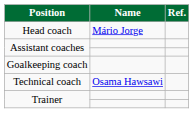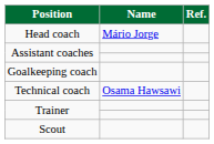 <table class="wikitable plainrowheaders" style="text-align:center; font-size: 95%; border: 1px; text-align: middle; width=20%">
 <tr>
 <th style="background:#006C35; color:white; ">Position</th>
 <th style="background:#006C35; color:white; ">Name</th>
 <th style="background:#006C35; color:white; ">Ref.</th>
 </tr>
 <tr>
 <td>Head coach</td>
 <td align=left> <a href='#'>Mário Jorge</a></td>
 <td></td>
 </tr>
 <tr>
 <td rowspan=2>Assistant coaches</td>
 <td align=left></td>
 <td></td>
 </tr>
 <tr>
 <td align=left></td>
 <td></td>
 </tr>
 <tr>
 <td>Goalkeeping coach</td>
 <td align=left></td>
 <td></td>
 </tr>
 <tr>
 <td>Technical coach</td>
 <td align=left> <a href='#'>Osama Hawsawi</a></td>
 <td></td>
 </tr>
 <tr>
 <td rowspan=2>Trainer</td>
 <td align=left></td>
 <td></td>
 </tr>
 <tr>
 <td align=left></td>
 <td></td>
 </tr>
+<tr>
+<td>Scout</td>
+<td align=left></td>
+<td></td>
+</tr>
 </table>
